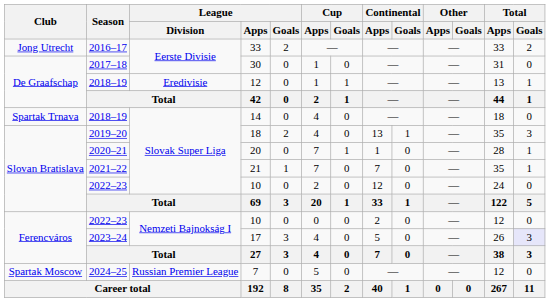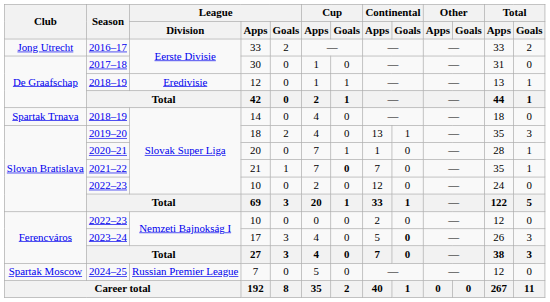 <table class="wikitable" style="text-align:center">
 <tr>
 <th rowspan="2">Club</th>
 <th rowspan="2">Season</th>
 <th colspan="3">League</th>
 <th colspan="2">Cup</th>
 <th colspan="2">Continental</th>
 <th colspan="2">Other</th>
 <th colspan="2">Total</th>
 </tr>
 <tr>
 <th>Division</th>
 <th>Apps</th>
 <th>Goals</th>
 <th>Apps</th>
 <th>Goals</th>
 <th>Apps</th>
 <th>Goals</th>
 <th>Apps</th>
 <th>Goals</th>
 <th>Apps</th>
 <th>Goals</th>
 </tr>
 <tr>
 <td><a href='#'>Jong Utrecht</a></td>
 <td><a href='#'>2016–17</a></td>
 <td rowspan="2"><a href='#'>Eerste Divisie</a></td>
 <td>33</td>
 <td>2</td>
 <td colspan="2">—</td>
 <td colspan="2">—</td>
 <td colspan="2">—</td>
 <td>33</td>
 <td>2</td>
 </tr>
 <tr>
 <td rowspan="3"><a href='#'>De Graafschap</a></td>
 <td><a href='#'>2017–18</a></td>
 <td>30</td>
 <td>0</td>
 <td>1</td>
 <td>0</td>
 <td colspan="2">—</td>
 <td colspan="2">—</td>
 <td>31</td>
 <td>0</td>
 </tr>
 <tr>
 <td><a href='#'>2018–19</a></td>
 <td><a href='#'>Eredivisie</a></td>
 <td>12</td>
 <td>0</td>
 <td>1</td>
 <td>1</td>
 <td colspan="2">—</td>
 <td colspan="2">—</td>
 <td>13</td>
 <td>1</td>
 </tr>
 <tr>
 <th colspan="2">Total</th>
 <th>42</th>
 <th>0</th>
 <th>2</th>
 <th>1</th>
 <th colspan="2">—</th>
 <th colspan="2">—</th>
 <th>44</th>
 <th>1</th>
 </tr>
 <tr>
 <td><a href='#'>Spartak Trnava</a></td>
 <td><a href='#'>2018–19</a></td>
 <td rowspan="5"><a href='#'>Slovak Super Liga</a></td>
 <td>14</td>
 <td>0</td>
 <td>4</td>
 <td>0</td>
 <td colspan="2">—</td>
 <td colspan="2">—</td>
 <td>18</td>
 <td>0</td>
 </tr>
 <tr>
 <td rowspan="5"><a href='#'>Slovan Bratislava</a></td>
 <td><a href='#'>2019–20</a></td>
 <td>18</td>
 <td>2</td>
 <td>4</td>
 <td>0</td>
 <td>13</td>
 <td>1</td>
 <td colspan="2">—</td>
 <td>35</td>
 <td>3</td>
 </tr>
 <tr>
 <td><a href='#'>2020–21</a></td>
 <td>20</td>
 <td>0</td>
 <td>7</td>
 <td>1</td>
 <td>1</td>
 <td>0</td>
 <td colspan="2">—</td>
 <td>28</td>
 <td>1</td>
 </tr>
 <tr>
 <td><a href='#'>2021–22</a></td>
 <td>21</td>
 <td>1</td>
 <td>7</td>
-<td>0</td>
+<td><strong>0</strong></td>
 <td>7</td>
 <td>0</td>
 <td colspan="2">—</td>
 <td>35</td>
 <td>1</td>
 </tr>
 <tr>
 <td><a href='#'>2022–23</a></td>
 <td>10</td>
 <td>0</td>
 <td>2</td>
 <td>0</td>
 <td>12</td>
 <td>0</td>
 <td colspan="2">—</td>
 <td>24</td>
 <td>0</td>
 </tr>
 <tr>
 <th colspan="2">Total</th>
 <th>69</th>
 <th>3</th>
 <th>20</th>
 <th>1</th>
 <th>33</th>
 <th>1</th>
 <th colspan="2">—</th>
 <th>122</th>
 <th>5</th>
 </tr>
 <tr>
 <td rowspan="3"><a href='#'>Ferencváros</a></td>
 <td><a href='#'>2022–23</a></td>
 <td rowspan="2"><a href='#'>Nemzeti Bajnokság I</a></td>
 <td>10</td>
 <td>0</td>
 <td>0</td>
 <td>0</td>
 <td>2</td>
 <td>0</td>
 <td colspan="2">—</td>
 <td>12</td>
 <td>0</td>
 </tr>
 <tr>
 <td><a href='#'>2023–24</a></td>
 <td>17</td>
 <td>3</td>
 <td>4</td>
 <td>0</td>
 <td>5</td>
-<td>0</td>
+<td><strong>0</strong></td>
 <td colspan="2">—</td>
 <td>26</td>
-<td style="background: lavender;">3</td>
+<td>3</td>
 </tr>
 <tr>
 <th colspan="2">Total</th>
 <th>27</th>
 <th>3</th>
 <th>4</th>
 <th>0</th>
 <th>7</th>
 <th>0</th>
 <th colspan="2">—</th>
 <th>38</th>
 <th>3</th>
 </tr>
 <tr>
 <td><a href='#'>Spartak Moscow</a></td>
 <td><a href='#'>2024–25</a></td>
 <td><a href='#'>Russian Premier League</a></td>
 <td>7</td>
 <td>0</td>
 <td>5</td>
 <td>0</td>
 <td colspan="2">—</td>
 <td colspan="2">—</td>
 <td>12</td>
 <td>0</td>
 </tr>
 <tr>
 <th colspan="3">Career total</th>
 <th>192</th>
 <th>8</th>
 <th>35</th>
 <th>2</th>
 <th>40</th>
 <th>1</th>
 <th>0</th>
 <th>0</th>
 <th>267</th>
 <th>11</th>
 </tr>
 </table>
